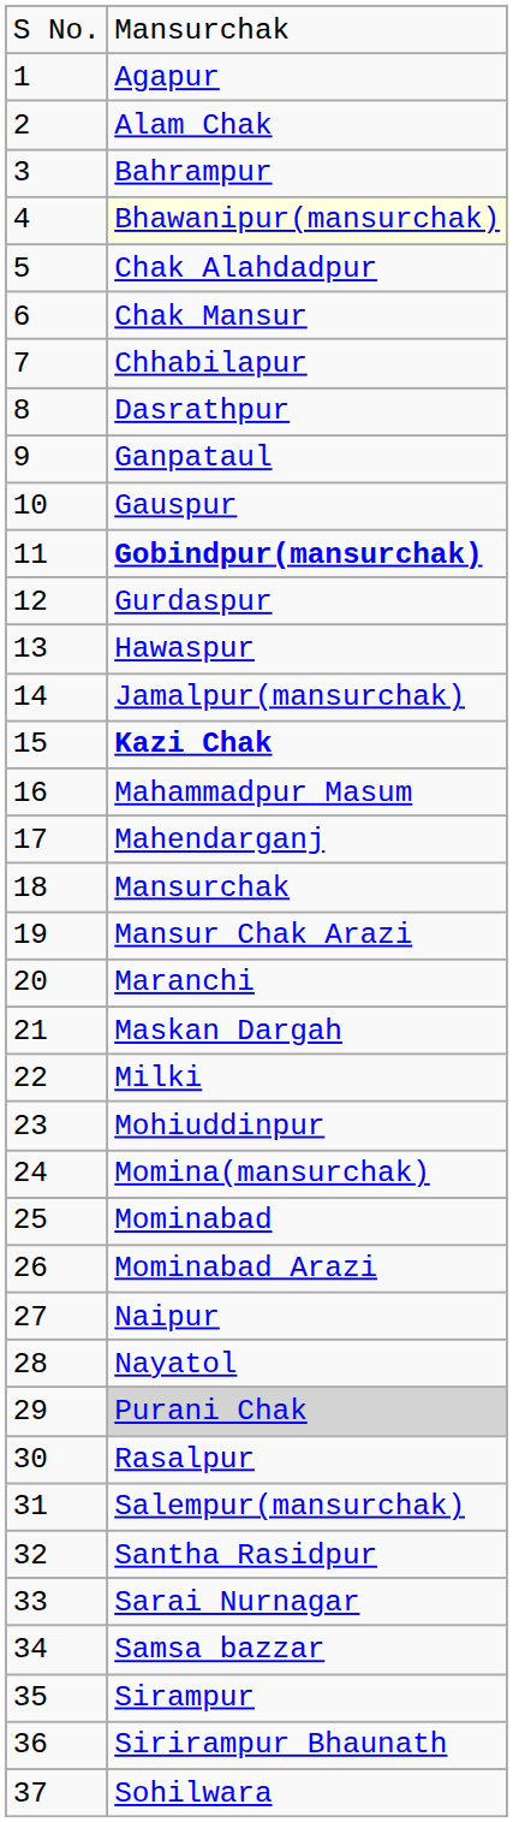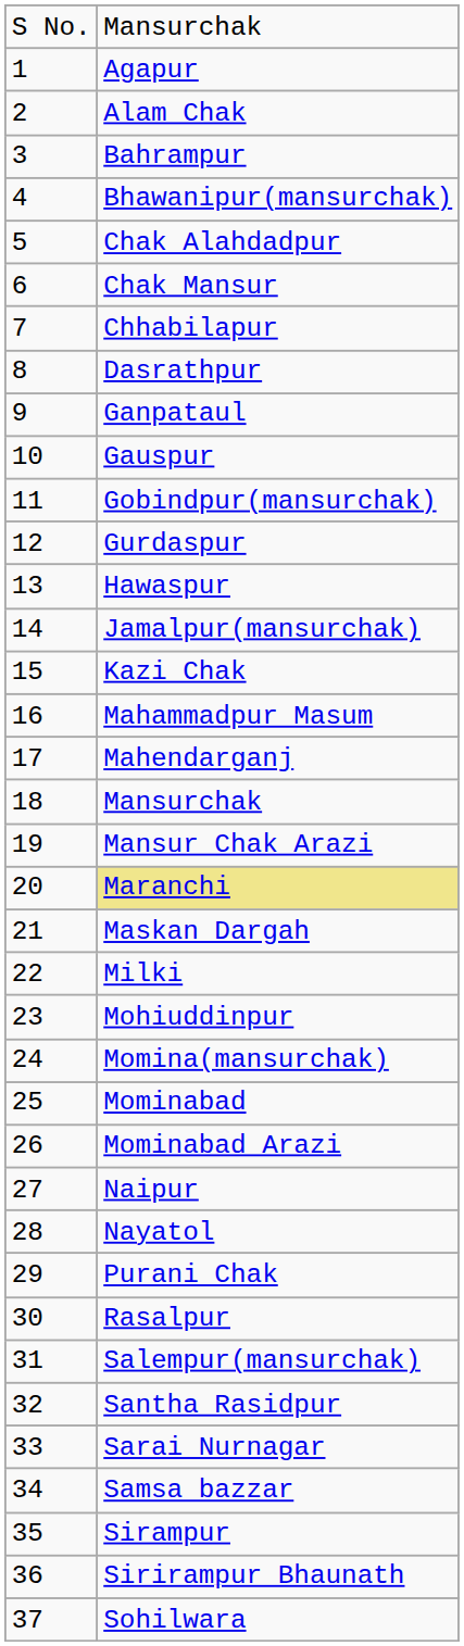 <table class="wikitable">
 <tr>
 <td>S No.</td>
 <td>Mansurchak</td>
 </tr>
 <tr>
 <td>1</td>
 <td><a href='#'>Agapur</a></td>
 </tr>
 <tr>
 <td>2</td>
 <td><a href='#'>Alam Chak</a></td>
 </tr>
 <tr>
 <td>3</td>
 <td><a href='#'>Bahrampur</a></td>
 </tr>
 <tr>
 <td>4</td>
-<td style="background: lightyellow;"><a href='#'>Bhawanipur(mansurchak)</a></td>
+<td><a href='#'>Bhawanipur(mansurchak)</a></td>
 </tr>
 <tr>
 <td>5</td>
 <td><a href='#'>Chak Alahdadpur</a></td>
 </tr>
 <tr>
 <td>6</td>
 <td><a href='#'>Chak Mansur</a></td>
 </tr>
 <tr>
 <td>7</td>
 <td><a href='#'>Chhabilapur</a></td>
 </tr>
 <tr>
 <td>8</td>
 <td><a href='#'>Dasrathpur</a></td>
 </tr>
 <tr>
 <td>9</td>
 <td><a href='#'>Ganpataul</a></td>
 </tr>
 <tr>
 <td>10</td>
 <td><a href='#'>Gauspur</a></td>
 </tr>
 <tr>
 <td>11</td>
-<td><strong><a href='#'>Gobindpur(mansurchak)</a></strong></td>
+<td><a href='#'>Gobindpur(mansurchak)</a></td>
 </tr>
 <tr>
 <td>12</td>
 <td><a href='#'>Gurdaspur</a></td>
 </tr>
 <tr>
 <td>13</td>
 <td><a href='#'>Hawaspur</a></td>
 </tr>
 <tr>
 <td>14</td>
 <td><a href='#'>Jamalpur(mansurchak)</a></td>
 </tr>
 <tr>
 <td>15</td>
-<td><strong><a href='#'>Kazi Chak</a></strong></td>
+<td><a href='#'>Kazi Chak</a></td>
 </tr>
 <tr>
 <td>16</td>
 <td><a href='#'>Mahammadpur Masum</a></td>
 </tr>
 <tr>
 <td>17</td>
 <td><a href='#'>Mahendarganj</a></td>
 </tr>
 <tr>
 <td>18</td>
 <td><a href='#'>Mansurchak</a></td>
 </tr>
 <tr>
 <td>19</td>
 <td><a href='#'>Mansur Chak Arazi</a></td>
 </tr>
 <tr>
 <td>20</td>
-<td><a href='#'>Maranchi</a></td>
+<td style="background: khaki;"><a href='#'>Maranchi</a></td>
 </tr>
 <tr>
 <td>21</td>
 <td><a href='#'>Maskan Dargah</a></td>
 </tr>
 <tr>
 <td>22</td>
 <td><a href='#'>Milki</a></td>
 </tr>
 <tr>
 <td>23</td>
 <td><a href='#'>Mohiuddinpur</a></td>
 </tr>
 <tr>
 <td>24</td>
 <td><a href='#'>Momina(mansurchak)</a></td>
 </tr>
 <tr>
 <td>25</td>
 <td><a href='#'>Mominabad</a></td>
 </tr>
 <tr>
 <td>26</td>
 <td><a href='#'>Mominabad Arazi</a></td>
 </tr>
 <tr>
 <td>27</td>
 <td><a href='#'>Naipur</a></td>
 </tr>
 <tr>
 <td>28</td>
 <td><a href='#'>Nayatol</a></td>
 </tr>
 <tr>
 <td>29</td>
-<td style="background: lightgrey;"><a href='#'>Purani Chak</a></td>
+<td><a href='#'>Purani Chak</a></td>
 </tr>
 <tr>
 <td>30</td>
 <td><a href='#'>Rasalpur</a></td>
 </tr>
 <tr>
 <td>31</td>
 <td><a href='#'>Salempur(mansurchak)</a></td>
 </tr>
 <tr>
 <td>32</td>
 <td><a href='#'>Santha Rasidpur</a></td>
 </tr>
 <tr>
 <td>33</td>
 <td><a href='#'>Sarai Nurnagar</a></td>
 </tr>
 <tr>
 <td>34</td>
 <td><a href='#'>Samsa bazzar</a></td>
 </tr>
 <tr>
 <td>35</td>
 <td><a href='#'>Sirampur</a></td>
 </tr>
 <tr>
 <td>36</td>
 <td><a href='#'>Sirirampur Bhaunath</a></td>
 </tr>
 <tr>
 <td>37</td>
 <td><a href='#'>Sohilwara</a></td>
 </tr>
 </table>
